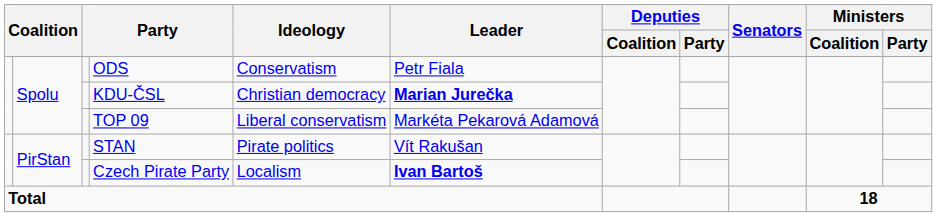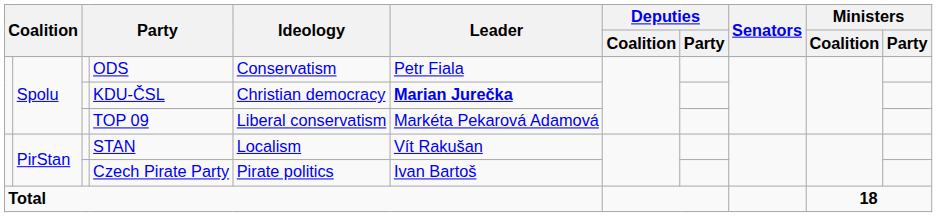 <table class="wikitable" style="text-align:left">
 <tr>
 <th rowspan="2" colspan="2">Coalition</th>
 <th rowspan="2" colspan="2">Party</th>
 <th rowspan="2">Ideology</th>
 <th rowspan="2">Leader</th>
 <th colspan=2><a href='#'>Deputies</a></th>
 <th rowspan="2"><a href='#'>Senators</a></th>
 <th colspan=2>Ministers</th>
 </tr>
 <tr>
 <th>Coalition</th>
 <th>Party</th>
 <th>Coalition</th>
 <th>Party</th>
 </tr>
 <tr>
 <td rowspan=3 style="background:"></td>
 <td rowspan=3><a href='#'>Spolu</a></td>
 <td style="background:"></td>
 <td><a href='#'>ODS</a></td>
 <td><a href='#'>Conservatism</a></td>
 <td><a href='#'>Petr Fiala</a></td>
 <td rowspan=3></td>
 <td></td>
 <td rowspan=3></td>
 <td rowspan=3></td>
 <td></td>
 </tr>
 <tr>
 <td style="background:"></td>
 <td><a href='#'>KDU-ČSL</a></td>
 <td><a href='#'>Christian democracy</a></td>
 <td><strong><a href='#'>Marian Jurečka</a></strong></td>
 <td></td>
 <td></td>
 </tr>
 <tr>
 <td style="background:"></td>
 <td><a href='#'>TOP 09</a></td>
 <td><a href='#'>Liberal conservatism</a></td>
 <td><a href='#'>Markéta Pekarová Adamová</a></td>
 <td></td>
 <td></td>
 </tr>
 <tr>
 <td rowspan=2 style="background:"></td>
 <td rowspan=2><a href='#'>PirStan</a></td>
 <td style="background:"></td>
 <td><a href='#'>STAN</a></td>
-<td><a href='#'>Pirate politics</a></td>
+<td><a href='#'>Localism</a></td>
 <td><a href='#'>Vít Rakušan</a></td>
 <td rowspan=2></td>
 <td></td>
 <td rowspan=2></td>
 <td rowspan=2></td>
 <td></td>
 </tr>
 <tr>
 <td style="background:"></td>
 <td><a href='#'>Czech Pirate Party</a></td>
-<td><a href='#'>Localism</a></td>
-<td><strong><a href='#'>Ivan Bartoš</a></strong></td>
+<td><a href='#'>Pirate politics</a></td>
+<td><a href='#'>Ivan Bartoš</a></td>
 <td></td>
 <td></td>
 </tr>
 <tr>
 <td colspan=6><strong>Total</strong></td>
 <td colspan=2></td>
 <td></td>
 <td align=center colspan=2><strong>18</strong></td>
 </tr>
 </table>
